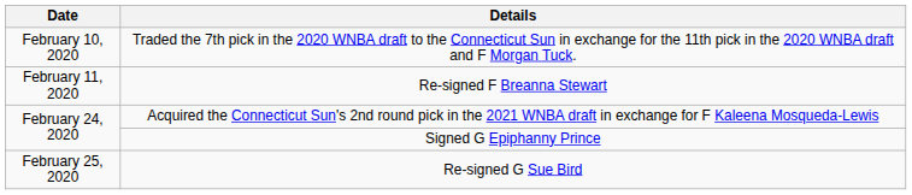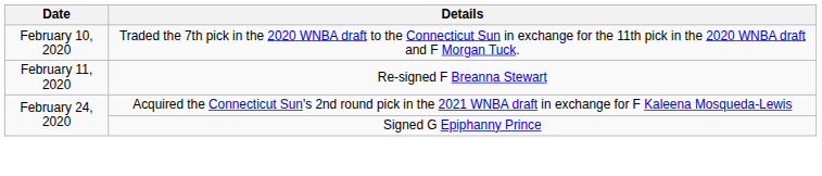 <table class="wikitable" style="width:80%; text-align: center;">
 <tr>
 <th>Date</th>
 <th>Details</th>
 </tr>
 <tr>
 <td>February 10, 2020</td>
 <td>Traded the 7th pick in the <a href='#'>2020 WNBA draft</a> to the <a href='#'>Connecticut Sun</a> in exchange for the 11th pick in the <a href='#'>2020 WNBA draft</a> and F <a href='#'>Morgan Tuck</a>.</td>
 </tr>
 <tr>
 <td>February 11, 2020</td>
 <td>Re-signed F <a href='#'>Breanna Stewart</a></td>
 </tr>
 <tr>
 <td rowspan=2>February 24, 2020</td>
 <td>Acquired the <a href='#'>Connecticut Sun</a>'s 2nd round pick in the <a href='#'>2021 WNBA draft</a> in exchange for F <a href='#'>Kaleena Mosqueda-Lewis</a></td>
 </tr>
 <tr>
 <td>Signed G <a href='#'>Epiphanny Prince</a></td>
 </tr>
-<tr>
-<td>February 25, 2020</td>
-<td>Re-signed G <a href='#'>Sue Bird</a></td>
-</tr>
 </table>
